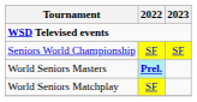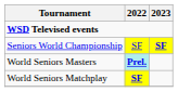 <table class=wikitable style=text-align:center;font-size:88%>
 <tr>
 <th>Tournament</th>
 <th>2022</th>
 <th>2023</th>
 </tr>
 <tr>
 <td colspan="33" align="left"><strong><a href='#'>WSD</a> Televised events</strong></td>
 </tr>
 <tr>
 <td align=left><a href='#'>Seniors World Championship</a></td>
 <td style="text-align:center; background:yellow;"><a href='#'>SF</a></td>
-<td style="text-align:center; background:yellow;"><a href='#'>SF</a></td>
+<td style="text-align:center; background:yellow;"><strong><a href='#'>SF</a></strong></td>
 </tr>
 <tr>
 <td align=left>World Seniors Masters</td>
 <td style="text-align:center; background:#afeeee;"><strong><a href='#'>Prel.</a></strong></td>
 <td></td>
 </tr>
 <tr>
 <td align=left>World Seniors Matchplay</td>
-<td style="text-align:center; background:yellow;"><a href='#'>SF</a></td>
+<td style="text-align:center; background:yellow;"><strong><a href='#'>SF</a></strong></td>
 <td></td>
 </tr>
 <tr>
 </tr>
 </table>
